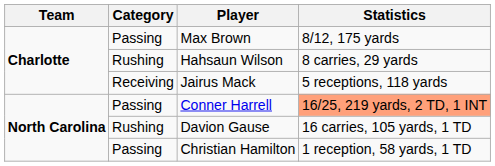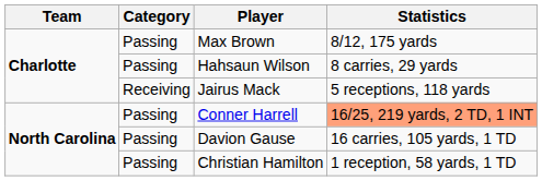 <table class="wikitable" style="float: right;">
 <tr>
 <th>Team</th>
 <th>Category</th>
 <th>Player</th>
 <th>Statistics</th>
 </tr>
 <tr>
 <td rowspan=3><strong>Charlotte</strong></td>
 <td>Passing</td>
 <td>Max Brown</td>
 <td>8/12, 175 yards</td>
 </tr>
 <tr>
-<td>Rushing</td>
+<td>Passing</td>
 <td>Hahsaun Wilson</td>
 <td>8 carries, 29 yards</td>
 </tr>
 <tr>
 <td>Receiving</td>
 <td>Jairus Mack</td>
 <td>5 receptions, 118 yards</td>
 </tr>
 <tr>
 <td rowspan=3><strong>North Carolina</strong></td>
 <td>Passing</td>
 <td><a href='#'>Conner Harrell</a></td>
 <td style="background: lightsalmon;">16/25, 219 yards, 2 TD, 1 INT</td>
 </tr>
 <tr>
-<td>Rushing</td>
+<td>Passing</td>
 <td>Davion Gause</td>
 <td>16 carries, 105 yards, 1 TD</td>
 </tr>
 <tr>
 <td>Passing</td>
 <td>Christian Hamilton</td>
 <td>1 reception, 58 yards, 1 TD</td>
 </tr>
 </table>
